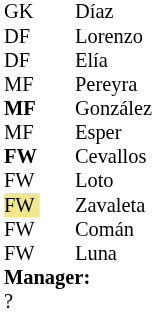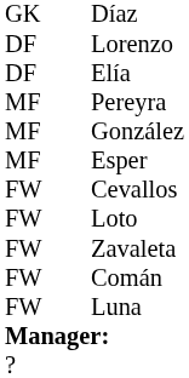 <table style="font-size:90%; margin:0.2em auto;" cellspacing="0" cellpadding="0">
 <tr>
 <th width="25"></th>
 <th width="25"></th>
 </tr>
 <tr>
 <td>GK</td>
 <td></td>
 <td> Díaz</td>
 </tr>
 <tr>
 <td>DF</td>
 <td></td>
 <td> Lorenzo</td>
 </tr>
 <tr>
 <td>DF</td>
 <td></td>
 <td> Elía</td>
 </tr>
 <tr>
 <td>MF</td>
 <td></td>
 <td> Pereyra</td>
 </tr>
 <tr>
-<td><strong>MF</strong></td>
+<td>MF</td>
 <td></td>
 <td> González</td>
 </tr>
 <tr>
 <td>MF</td>
 <td></td>
 <td> Esper</td>
 </tr>
 <tr>
-<td><strong>FW</strong></td>
+<td>FW</td>
 <td></td>
 <td> Cevallos</td>
 </tr>
 <tr>
 <td>FW</td>
 <td></td>
 <td> Loto</td>
 </tr>
 <tr>
-<td style="background: khaki;">FW</td>
+<td>FW</td>
 <td></td>
 <td> Zavaleta</td>
 </tr>
 <tr>
 <td>FW</td>
 <td></td>
 <td> Comán</td>
 </tr>
 <tr>
 <td>FW</td>
 <td></td>
 <td> Luna</td>
 </tr>
 <tr>
 <td colspan=3><strong>Manager:</strong></td>
 </tr>
 <tr>
 <td colspan=4> ?</td>
 </tr>
 </table>
